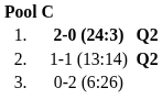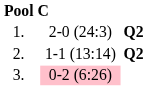 <table style="text-align:center">
 <tr>
 <td colspan=4 align=left><strong>Pool C</strong></td>
 </tr>
 <tr>
 <td width=30>1.</td>
 <td align=left></td>
-<td width=80><strong>2-0 (24:3)</strong></td>
+<td width=80>2-0 (24:3)</td>
 <td><strong>Q2</strong></td>
 </tr>
 <tr>
 <td>2.</td>
 <td align=left></td>
 <td>1-1 (13:14)</td>
 <td><strong>Q2</strong></td>
 </tr>
 <tr>
 <td>3.</td>
 <td align=left></td>
-<td>0-2 (6:26)</td>
+<td style="background: pink;">0-2 (6:26)</td>
 <td></td>
 </tr>
 </table>
